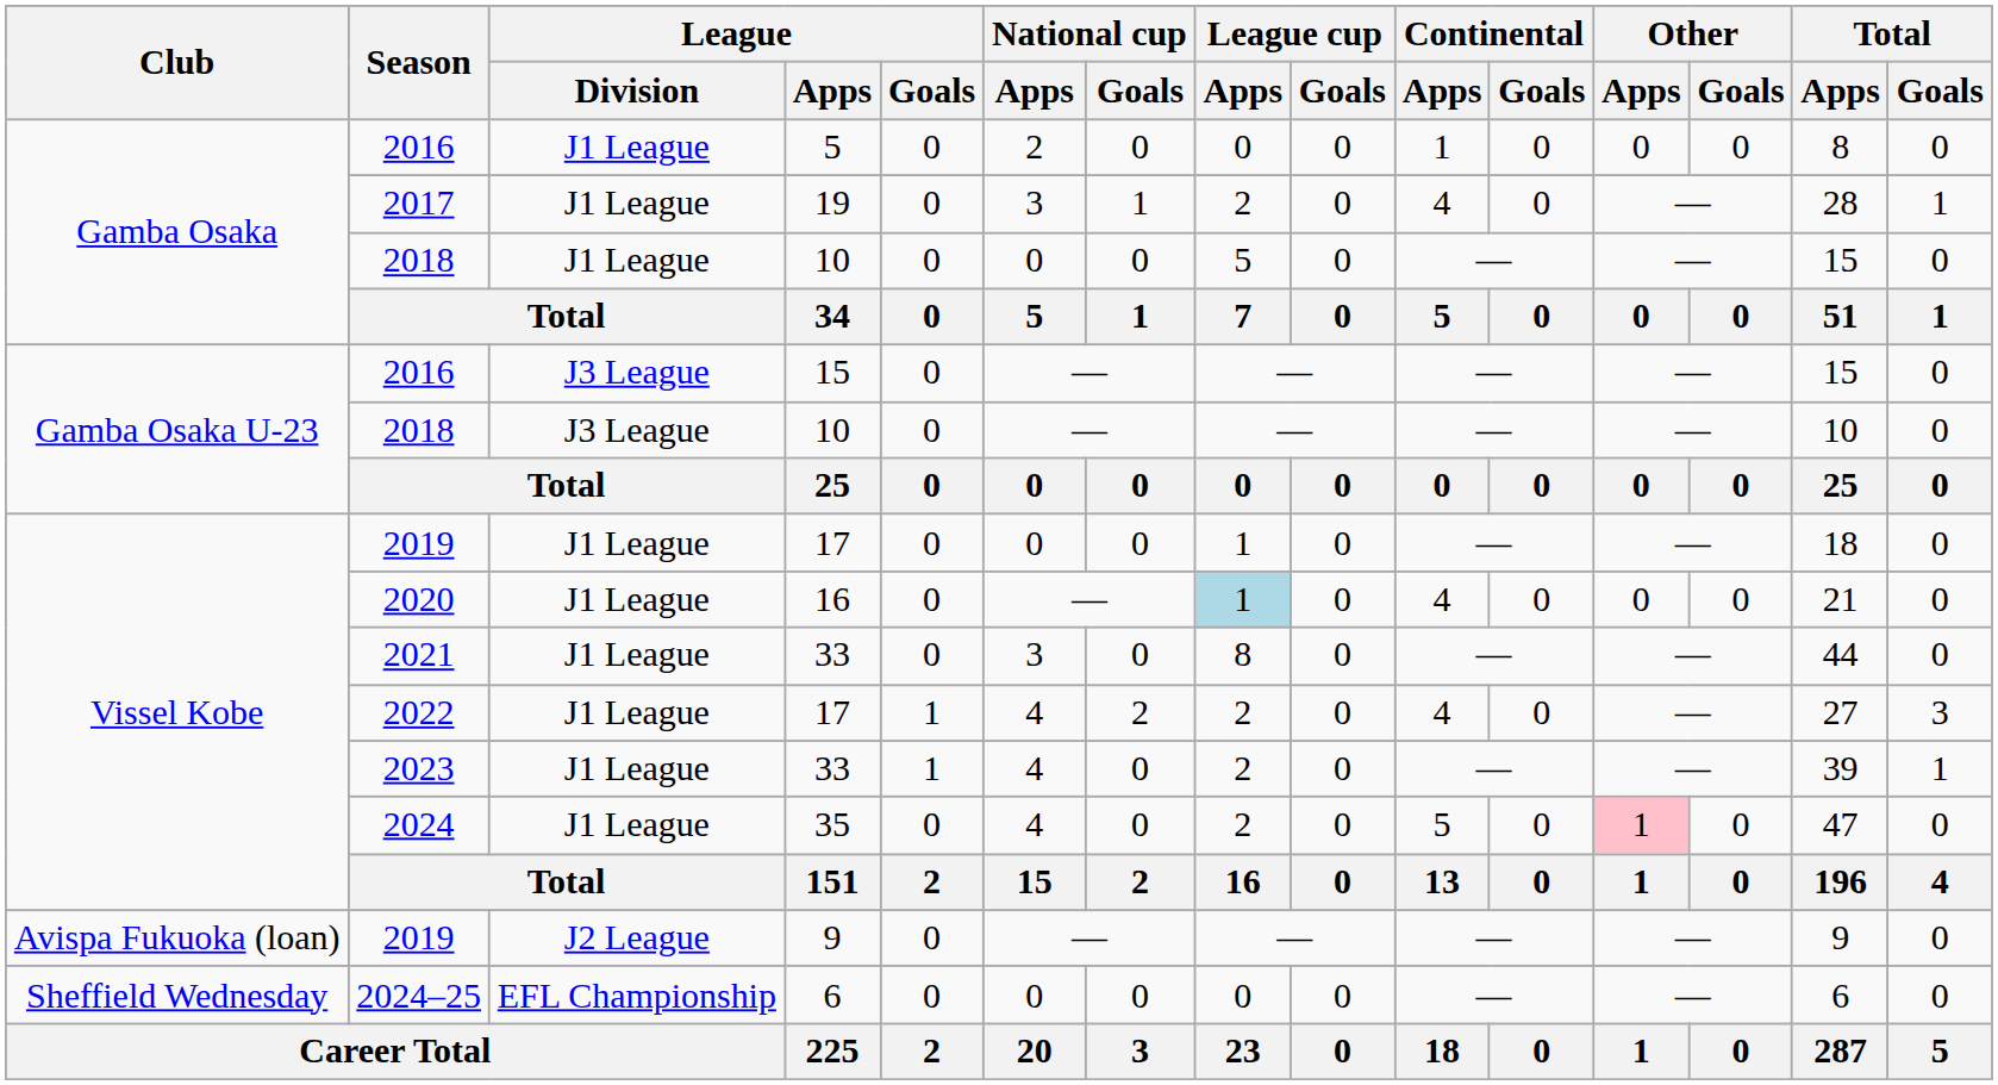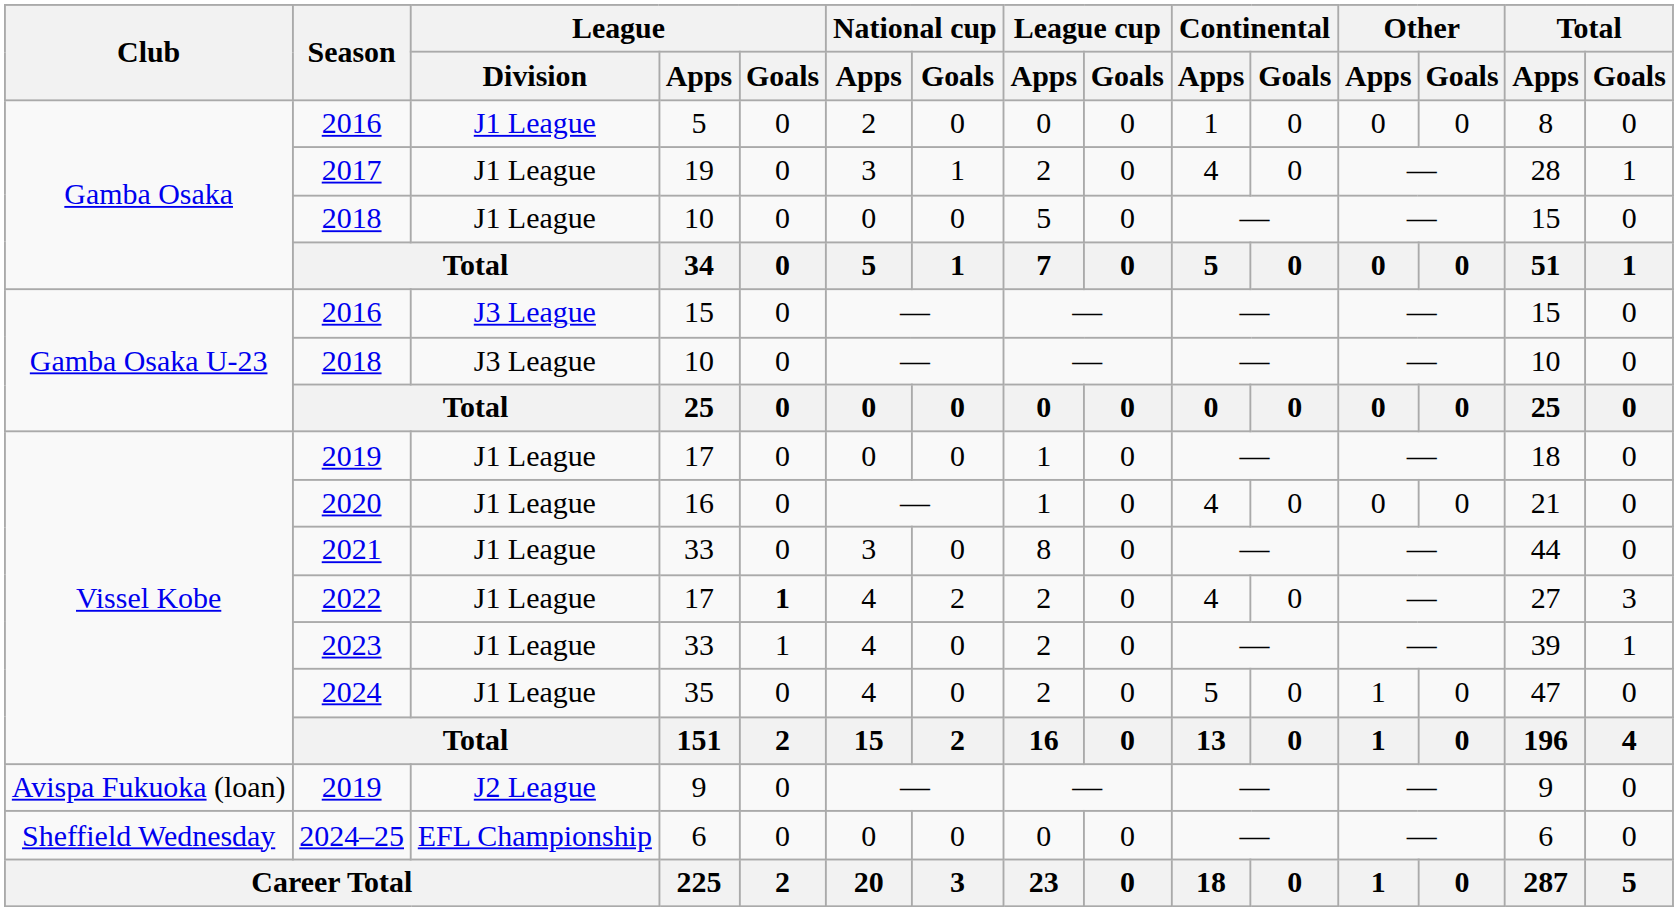 <table class="wikitable" style="text-align: center;">
 <tr>
 <th rowspan=2>Club</th>
 <th rowspan=2>Season</th>
 <th colspan=3>League</th>
 <th colspan=2>National cup</th>
 <th colspan=2>League cup</th>
 <th colspan=2>Continental</th>
 <th colspan=2>Other</th>
 <th colspan=2>Total</th>
 </tr>
 <tr>
 <th>Division</th>
 <th>Apps</th>
 <th>Goals</th>
 <th>Apps</th>
 <th>Goals</th>
 <th>Apps</th>
 <th>Goals</th>
 <th>Apps</th>
 <th>Goals</th>
 <th>Apps</th>
 <th>Goals</th>
 <th>Apps</th>
 <th>Goals</th>
 </tr>
 <tr>
 <td rowspan="4"><a href='#'>Gamba Osaka</a></td>
 <td><a href='#'>2016</a></td>
 <td><a href='#'>J1 League</a></td>
 <td>5</td>
 <td>0</td>
 <td>2</td>
 <td>0</td>
 <td>0</td>
 <td>0</td>
 <td>1</td>
 <td>0</td>
 <td>0</td>
 <td>0</td>
 <td>8</td>
 <td>0</td>
 </tr>
 <tr>
 <td><a href='#'>2017</a></td>
 <td>J1 League</td>
 <td>19</td>
 <td>0</td>
 <td>3</td>
 <td>1</td>
 <td>2</td>
 <td>0</td>
 <td>4</td>
 <td>0</td>
 <td colspan="2">—</td>
 <td>28</td>
 <td>1</td>
 </tr>
 <tr>
 <td><a href='#'>2018</a></td>
 <td>J1 League</td>
 <td>10</td>
 <td>0</td>
 <td>0</td>
 <td>0</td>
 <td>5</td>
 <td>0</td>
 <td colspan="2">—</td>
 <td colspan="2">—</td>
 <td>15</td>
 <td>0</td>
 </tr>
 <tr>
 <th colspan="2">Total</th>
 <th>34</th>
 <th>0</th>
 <th>5</th>
 <th>1</th>
 <th>7</th>
 <th>0</th>
 <th>5</th>
 <th>0</th>
 <th>0</th>
 <th>0</th>
 <th>51</th>
 <th>1</th>
 </tr>
 <tr>
 <td rowspan="3"><a href='#'>Gamba Osaka U-23</a></td>
 <td><a href='#'>2016</a></td>
 <td><a href='#'>J3 League</a></td>
 <td>15</td>
 <td>0</td>
 <td colspan="2">—</td>
 <td colspan="2">—</td>
 <td colspan="2">—</td>
 <td colspan="2">—</td>
 <td>15</td>
 <td>0</td>
 </tr>
 <tr>
 <td><a href='#'>2018</a></td>
 <td>J3 League</td>
 <td>10</td>
 <td>0</td>
 <td colspan="2">—</td>
 <td colspan="2">—</td>
 <td colspan="2">—</td>
 <td colspan="2">—</td>
 <td>10</td>
 <td>0</td>
 </tr>
 <tr>
 <th colspan="2">Total</th>
 <th>25</th>
 <th>0</th>
 <th>0</th>
 <th>0</th>
 <th>0</th>
 <th>0</th>
 <th>0</th>
 <th>0</th>
 <th>0</th>
 <th>0</th>
 <th>25</th>
 <th>0</th>
 </tr>
 <tr>
 <td rowspan="7"><a href='#'>Vissel Kobe</a></td>
 <td><a href='#'>2019</a></td>
 <td>J1 League</td>
 <td>17</td>
 <td>0</td>
 <td>0</td>
 <td>0</td>
 <td>1</td>
 <td>0</td>
 <td colspan="2">—</td>
 <td colspan="2">—</td>
 <td>18</td>
 <td>0</td>
 </tr>
 <tr>
 <td><a href='#'>2020</a></td>
 <td>J1 League</td>
 <td>16</td>
 <td>0</td>
 <td colspan="2">—</td>
-<td style="background: lightblue;">1</td>
+<td>1</td>
 <td>0</td>
 <td>4</td>
 <td>0</td>
 <td>0</td>
 <td>0</td>
 <td>21</td>
 <td>0</td>
 </tr>
 <tr>
 <td><a href='#'>2021</a></td>
 <td>J1 League</td>
 <td>33</td>
 <td>0</td>
 <td>3</td>
 <td>0</td>
 <td>8</td>
 <td>0</td>
 <td colspan="2">—</td>
 <td colspan="2">—</td>
 <td>44</td>
 <td>0</td>
 </tr>
 <tr>
 <td><a href='#'>2022</a></td>
 <td>J1 League</td>
 <td>17</td>
-<td>1</td>
+<td><strong>1</strong></td>
 <td>4</td>
 <td>2</td>
 <td>2</td>
 <td>0</td>
 <td>4</td>
 <td>0</td>
 <td colspan="2">—</td>
 <td>27</td>
 <td>3</td>
 </tr>
 <tr>
 <td><a href='#'>2023</a></td>
 <td>J1 League</td>
 <td>33</td>
 <td>1</td>
 <td>4</td>
 <td>0</td>
 <td>2</td>
 <td>0</td>
 <td colspan="2">—</td>
 <td colspan="2">—</td>
 <td>39</td>
 <td>1</td>
 </tr>
 <tr>
 <td><a href='#'>2024</a></td>
 <td>J1 League</td>
 <td>35</td>
 <td>0</td>
 <td>4</td>
 <td>0</td>
 <td>2</td>
 <td>0</td>
 <td>5</td>
 <td>0</td>
-<td style="background: pink;">1</td>
+<td>1</td>
 <td>0</td>
 <td>47</td>
 <td>0</td>
 </tr>
 <tr>
 <th colspan="2">Total</th>
 <th>151</th>
 <th>2</th>
 <th>15</th>
 <th>2</th>
 <th>16</th>
 <th>0</th>
 <th>13</th>
 <th>0</th>
 <th>1</th>
 <th>0</th>
 <th>196</th>
 <th>4</th>
 </tr>
 <tr>
 <td rowspan="1"><a href='#'>Avispa Fukuoka</a> (loan)</td>
 <td><a href='#'>2019</a></td>
 <td><a href='#'>J2 League</a></td>
 <td>9</td>
 <td>0</td>
 <td colspan="2">—</td>
 <td colspan="2">—</td>
 <td colspan="2">—</td>
 <td colspan="2">—</td>
 <td>9</td>
 <td>0</td>
 </tr>
 <tr>
 <td><a href='#'>Sheffield Wednesday</a></td>
 <td><a href='#'>2024–25</a></td>
 <td><a href='#'>EFL Championship</a></td>
 <td>6</td>
 <td>0</td>
 <td>0</td>
 <td>0</td>
 <td>0</td>
 <td>0</td>
 <td colspan=2>—</td>
 <td colspan=2>—</td>
 <td>6</td>
 <td>0</td>
 </tr>
 <tr>
 <th colspan="3">Career Total</th>
 <th>225</th>
 <th>2</th>
 <th>20</th>
 <th>3</th>
 <th>23</th>
 <th>0</th>
 <th>18</th>
 <th>0</th>
 <th>1</th>
 <th>0</th>
 <th>287</th>
 <th>5</th>
 </tr>
 </table>
